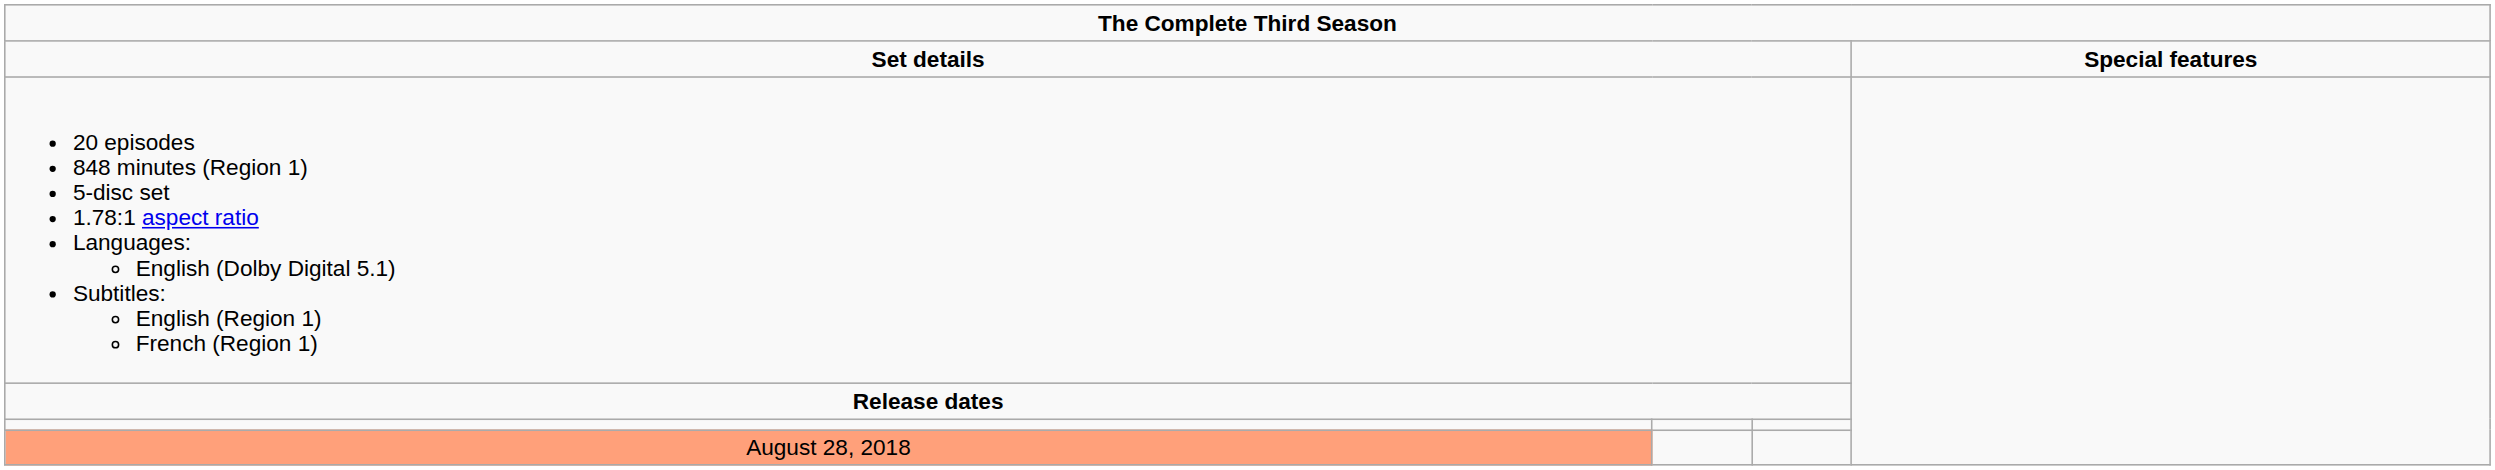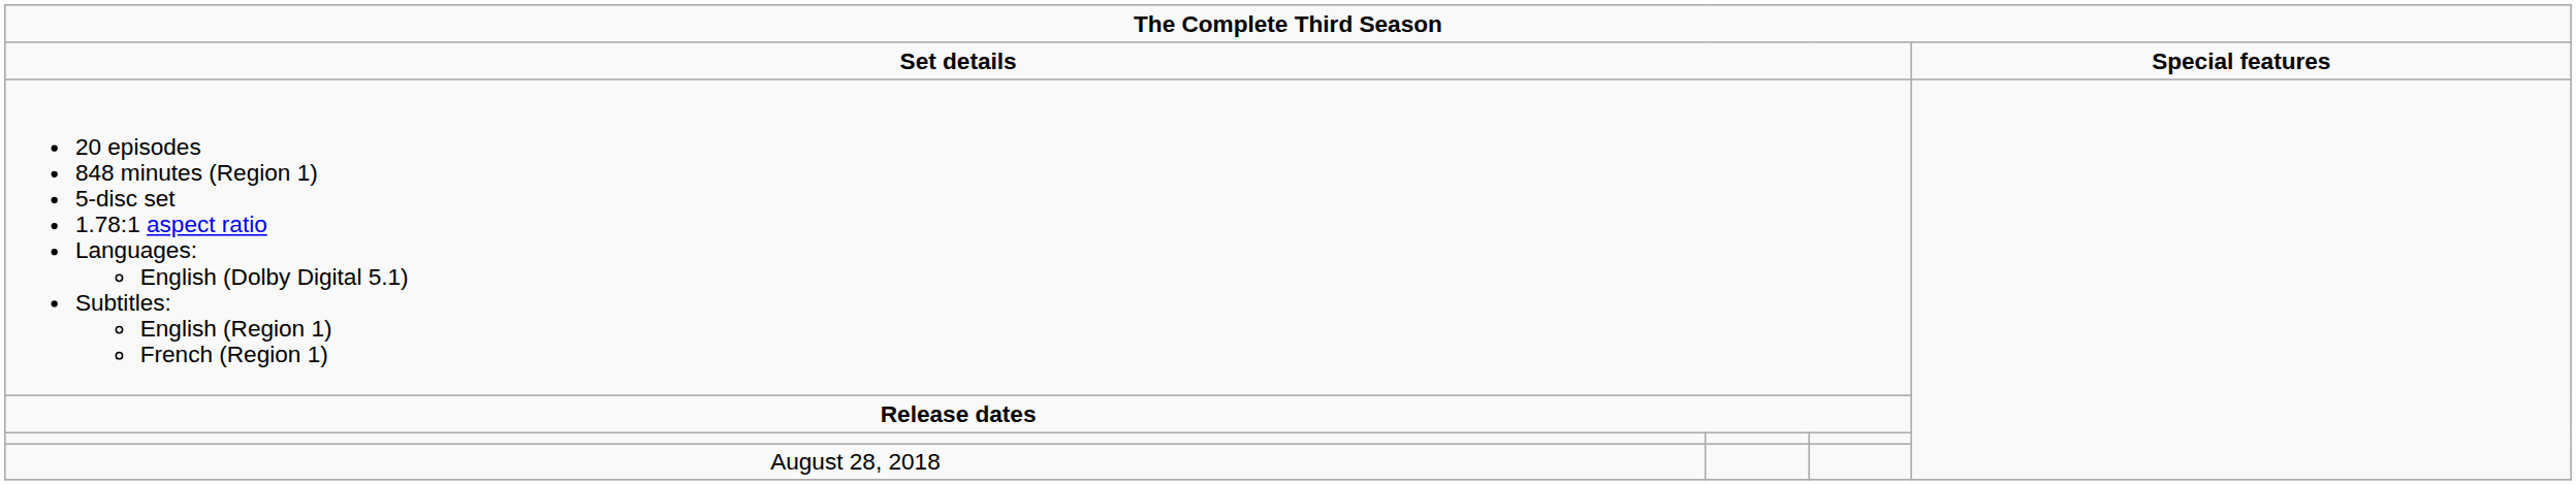 <table class="wikitable plainrowheaders" style="font-size:90%; text-align:center; width: 100%; margin-left: auto; margin-right: auto;">
 <tr>
 <td colspan="6"><strong>The Complete Third Season</strong></td>
 </tr>
 <tr>
 <td align="center" width="300" colspan="3"><strong>Set details</strong></td>
 <td width="400" align="center"><strong>Special features</strong></td>
 </tr>
 <tr valign="top">
 <td colspan="3" align="left" width="300"><br><ul><li>20 episodes</li><li>848 minutes (Region 1)</li><li>5-disc set</li><li>1.78:1 <a href='#'>aspect ratio</a></li><li>Languages:<ul><li>English (Dolby Digital 5.1)</li></ul></li><li>Subtitles:<ul><li>English (Region 1)</li><li>French (Region 1)</li></ul></li></ul></td>
 <td rowspan="4" align="left" width="400"></td>
 </tr>
 <tr>
 <td colspan="3" align="center"><strong>Release dates</strong></td>
 </tr>
 <tr>
 <td align="center"></td>
 <td align="center"></td>
 <td align="center"></td>
 </tr>
 <tr>
-<td align="center" style="background: lightsalmon;">August 28, 2018</td>
+<td align="center">August 28, 2018</td>
 <td align="center"></td>
 <td align="center"></td>
 </tr>
 </table>
